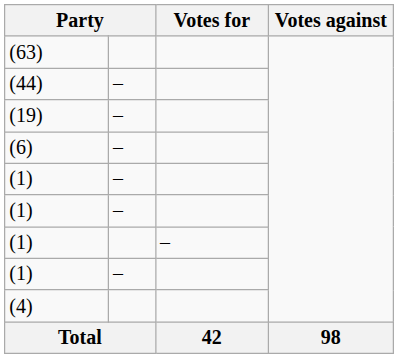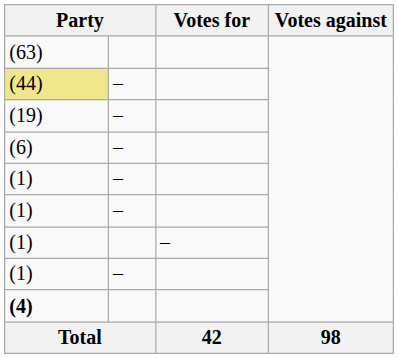 <table class="wikitable"  style="float:left; width:50%;">
 <tr>
 <th style="width:20%;" colspan="2">Party</th>
 <th style="width:15%;">Votes for</th>
 <th style="width:15%;">Votes against</th>
 </tr>
 <tr>
 <td> (63)</td>
 <td></td>
 <td></td>
 </tr>
 <tr>
-<td> (44)</td>
+<td style="background: khaki;"> (44)</td>
 <td>–</td>
 <td></td>
 </tr>
 <tr>
 <td> (19)</td>
 <td>–</td>
 <td></td>
 </tr>
 <tr>
 <td> (6)</td>
 <td>–</td>
 <td></td>
 </tr>
 <tr>
 <td> (1)</td>
 <td>–</td>
 <td></td>
 </tr>
 <tr>
 <td> (1)</td>
 <td>–</td>
 <td></td>
 </tr>
 <tr>
 <td> (1)</td>
 <td></td>
 <td>–</td>
 </tr>
 <tr>
 <td> (1)</td>
 <td>–</td>
 <td></td>
 </tr>
 <tr>
-<td> (4)</td>
+<td><strong> (4)</strong></td>
 <td></td>
 <td></td>
 </tr>
 <tr>
 <th colspan=2>Total</th>
 <th>42</th>
 <th>98</th>
 </tr>
 </table>
